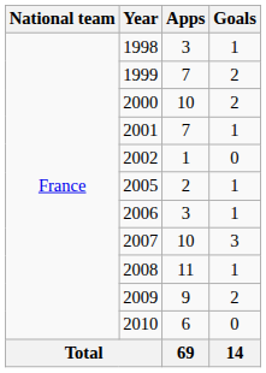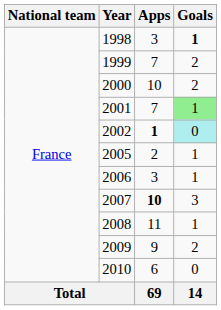 <table class="wikitable" style="text-align:center">
 <tr>
 <th>National team</th>
 <th>Year</th>
 <th>Apps</th>
 <th>Goals</th>
 </tr>
 <tr>
 <td rowspan="11"><a href='#'>France</a></td>
 <td>1998</td>
 <td>3</td>
-<td>1</td>
+<td><strong>1</strong></td>
 </tr>
 <tr>
 <td>1999</td>
 <td>7</td>
 <td>2</td>
 </tr>
 <tr>
 <td>2000</td>
 <td>10</td>
 <td>2</td>
 </tr>
 <tr>
 <td>2001</td>
 <td>7</td>
-<td>1</td>
+<td style="background: lightgreen;">1</td>
 </tr>
 <tr>
 <td>2002</td>
-<td>1</td>
-<td>0</td>
+<td><strong>1</strong></td>
+<td style="background: paleturquoise;">0</td>
 </tr>
 <tr>
 <td>2005</td>
 <td>2</td>
 <td>1</td>
 </tr>
 <tr>
 <td>2006</td>
 <td>3</td>
 <td>1</td>
 </tr>
 <tr>
 <td>2007</td>
-<td>10</td>
+<td><strong>10</strong></td>
 <td>3</td>
 </tr>
 <tr>
 <td>2008</td>
 <td>11</td>
 <td>1</td>
 </tr>
 <tr>
 <td>2009</td>
 <td>9</td>
 <td>2</td>
 </tr>
 <tr>
 <td>2010</td>
 <td>6</td>
 <td>0</td>
 </tr>
 <tr>
 <th colspan="2">Total</th>
 <th>69</th>
 <th>14</th>
 </tr>
 </table>
